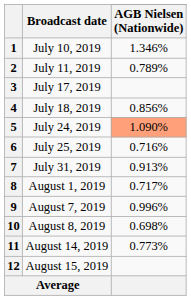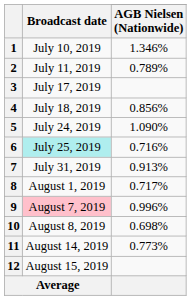 <table class="wikitable"  style="text-align:center">
 <tr>
 <th rowspan="2"></th>
 <th rowspan="2">Broadcast date</th>
 </tr>
 <tr>
 <th>AGB Nielsen<br>(Nationwide)</th>
 </tr>
 <tr>
 <th>1</th>
 <td>July 10, 2019</td>
 <td>1.346%</td>
 </tr>
 <tr>
 <th>2</th>
 <td>July 11, 2019</td>
 <td>0.789%</td>
 </tr>
 <tr>
 <th>3</th>
 <td>July 17, 2019</td>
 <td></td>
 </tr>
 <tr>
 <th>4</th>
 <td>July 18, 2019</td>
 <td>0.856%</td>
 </tr>
 <tr>
 <th>5</th>
 <td>July 24, 2019</td>
-<td style="background: lightsalmon;">1.090%</td>
+<td>1.090%</td>
 </tr>
 <tr>
 <th>6</th>
-<td>July 25, 2019</td>
+<td style="background: paleturquoise;">July 25, 2019</td>
 <td>0.716%</td>
 </tr>
 <tr>
 <th>7</th>
 <td>July 31, 2019</td>
 <td>0.913%</td>
 </tr>
 <tr>
 <th>8</th>
 <td>August 1, 2019</td>
 <td>0.717%</td>
 </tr>
 <tr>
 <th>9</th>
-<td>August 7, 2019</td>
+<td style="background: pink;">August 7, 2019</td>
 <td>0.996%</td>
 </tr>
 <tr>
 <th>10</th>
 <td>August 8, 2019</td>
 <td>0.698%</td>
 </tr>
 <tr>
 <th>11</th>
 <td>August 14, 2019</td>
 <td>0.773%</td>
 </tr>
 <tr>
 <th>12</th>
 <td>August 15, 2019</td>
 <td></td>
 </tr>
 <tr>
 <th colspan="2">Average</th>
 <th></th>
 </tr>
 </table>
